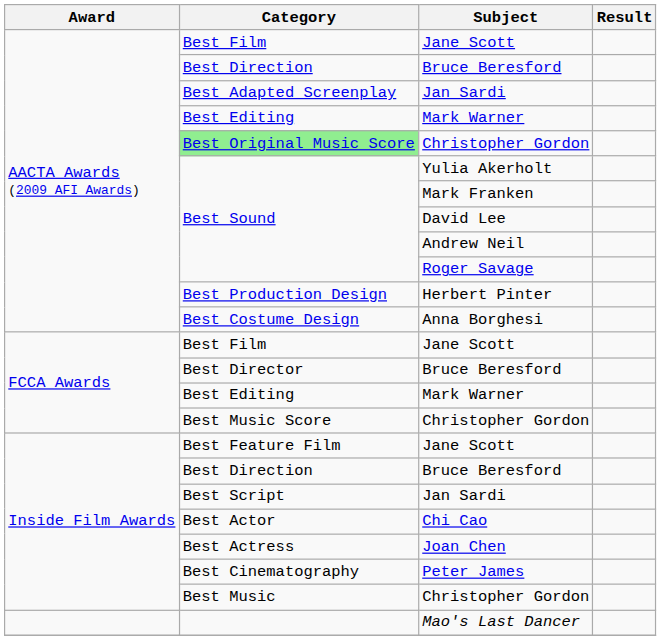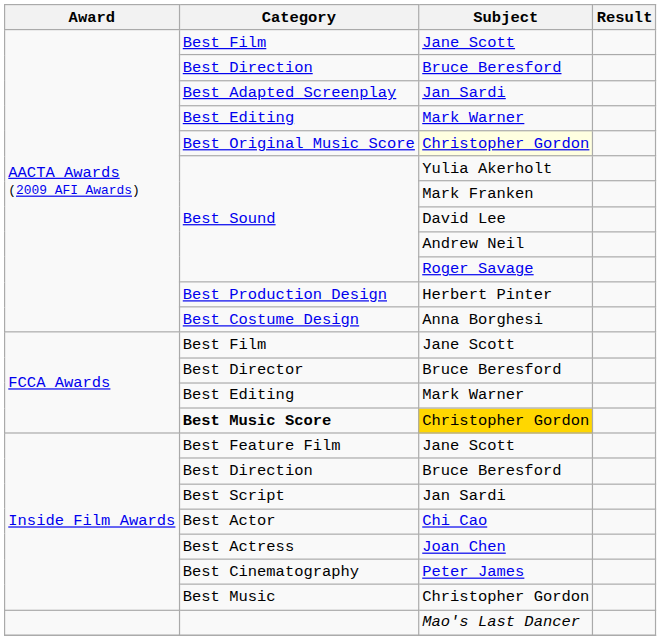 <table class="wikitable">
 <tr>
 <th>Award</th>
 <th>Category</th>
 <th>Subject</th>
 <th>Result</th>
 </tr>
 <tr>
 <td rowspan=12><a href='#'>AACTA Awards</a><br><small>(<a href='#'>2009 AFI Awards</a>)</small></td>
 <td><a href='#'>Best Film</a></td>
 <td><a href='#'>Jane Scott</a></td>
 <td></td>
 </tr>
 <tr>
 <td><a href='#'>Best Direction</a></td>
 <td><a href='#'>Bruce Beresford</a></td>
 <td></td>
 </tr>
 <tr>
 <td><a href='#'>Best Adapted Screenplay</a></td>
 <td><a href='#'>Jan Sardi</a></td>
 <td></td>
 </tr>
 <tr>
 <td><a href='#'>Best Editing</a></td>
 <td><a href='#'>Mark Warner</a></td>
 <td></td>
 </tr>
 <tr>
-<td style="background: lightgreen;"><a href='#'>Best Original Music Score</a></td>
-<td><a href='#'>Christopher Gordon</a></td>
+<td><a href='#'>Best Original Music Score</a></td>
+<td style="background: lightyellow;"><a href='#'>Christopher Gordon</a></td>
 <td></td>
 </tr>
 <tr>
 <td rowspan=5><a href='#'>Best Sound</a></td>
 <td>Yulia Akerholt</td>
 <td></td>
 </tr>
 <tr>
 <td>Mark Franken</td>
 <td></td>
 </tr>
 <tr>
 <td>David Lee</td>
 <td></td>
 </tr>
 <tr>
 <td>Andrew Neil</td>
 <td></td>
 </tr>
 <tr>
 <td><a href='#'>Roger Savage</a></td>
 <td></td>
 </tr>
 <tr>
 <td><a href='#'>Best Production Design</a></td>
 <td>Herbert Pinter</td>
 <td></td>
 </tr>
 <tr>
 <td><a href='#'>Best Costume Design</a></td>
 <td>Anna Borghesi</td>
 <td></td>
 </tr>
 <tr>
 <td rowspan=4><a href='#'>FCCA Awards</a></td>
 <td>Best Film</td>
 <td>Jane Scott</td>
 <td></td>
 </tr>
 <tr>
 <td>Best Director</td>
 <td>Bruce Beresford</td>
 <td></td>
 </tr>
 <tr>
 <td>Best Editing</td>
 <td>Mark Warner</td>
 <td></td>
 </tr>
 <tr>
-<td>Best Music Score</td>
-<td>Christopher Gordon</td>
+<td><strong>Best Music Score</strong></td>
+<td style="background: gold;">Christopher Gordon</td>
 <td></td>
 </tr>
 <tr>
 <td rowspan=7><a href='#'>Inside Film Awards</a></td>
 <td>Best Feature Film</td>
 <td>Jane Scott</td>
 <td></td>
 </tr>
 <tr>
 <td>Best Direction</td>
 <td>Bruce Beresford</td>
 <td></td>
 </tr>
 <tr>
 <td>Best Script</td>
 <td>Jan Sardi</td>
 <td></td>
 </tr>
 <tr>
 <td>Best Actor</td>
 <td><a href='#'>Chi Cao</a></td>
 <td></td>
 </tr>
 <tr>
 <td>Best Actress</td>
 <td><a href='#'>Joan Chen</a></td>
 <td></td>
 </tr>
 <tr>
 <td>Best Cinematography</td>
 <td><a href='#'>Peter James</a></td>
 <td></td>
 </tr>
 <tr>
 <td>Best Music</td>
 <td>Christopher Gordon</td>
 <td></td>
 </tr>
 <tr>
 <td></td>
 <td></td>
 <td><em>Mao's Last Dancer</em></td>
 <td></td>
 </tr>
 <tr>
 </tr>
 </table>
